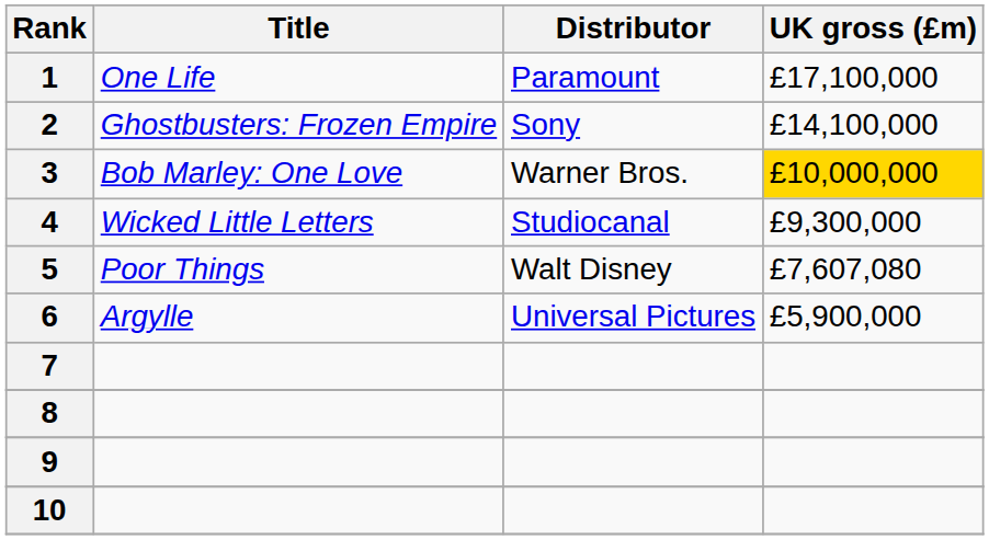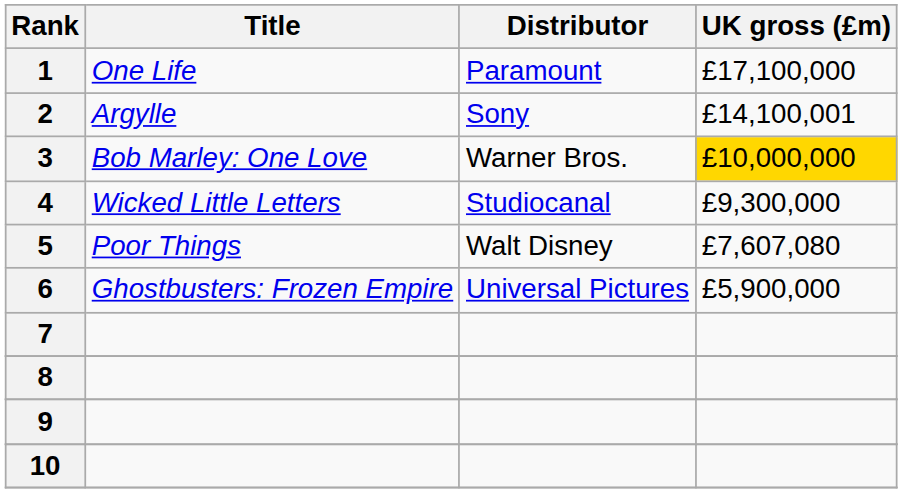 <table class="wikitable" style="margin:auto; margin:auto;">
 <tr>
 <th>Rank</th>
 <th>Title</th>
 <th>Distributor</th>
 <th>UK gross (£m)</th>
 </tr>
 <tr>
 <th style="text-align:center;">1</th>
 <td><em><a href='#'>One Life</a></em></td>
 <td><a href='#'>Paramount</a></td>
 <td>£17,100,000</td>
 </tr>
 <tr>
 <th style="text-align:center;">2</th>
-<td><em><a href='#'>Ghostbusters: Frozen Empire</a></em></td>
+<td><em><a href='#'>Argylle</a></em></td>
 <td><a href='#'>Sony</a></td>
-<td>£14,100,000</td>
+<td>£14,100,001</td>
 </tr>
 <tr>
 <th style="text-align:center;">3</th>
 <td><em><a href='#'>Bob Marley: One Love</a></em></td>
 <td>Warner Bros.</td>
 <td style="background: gold;">£10,000,000</td>
 </tr>
 <tr>
 <th style="text-align:center;">4</th>
 <td><em><a href='#'>Wicked Little Letters</a></em></td>
 <td><a href='#'>Studiocanal</a></td>
 <td>£9,300,000</td>
 </tr>
 <tr>
 <th style="text-align:center;">5</th>
 <td><em><a href='#'>Poor Things</a></em></td>
 <td>Walt Disney</td>
 <td>£7,607,080</td>
 </tr>
 <tr>
 <th style="text-align:center;">6</th>
-<td><em><a href='#'>Argylle</a></em></td>
+<td><em><a href='#'>Ghostbusters: Frozen Empire</a></em></td>
 <td><a href='#'>Universal Pictures</a></td>
 <td>£5,900,000</td>
 </tr>
 <tr>
 <th style="text-align:center;">7</th>
 <td></td>
 <td></td>
 <td></td>
 </tr>
 <tr>
 </tr>
 <tr style="text-align:left; |">
 <th style="text-align:center;">8</th>
 <td></td>
 <td></td>
 <td></td>
 </tr>
 <tr>
 </tr>
 <tr style="text-align:left; |">
 <th style="text-align:center;">9</th>
 <td></td>
 <td></td>
 <td></td>
 </tr>
 <tr>
 </tr>
 <tr style="text-align:left; |">
 <th style="text-align:center;">10</th>
 <td></td>
 <td></td>
 <td></td>
 </tr>
 <tr>
 </tr>
 </table>
